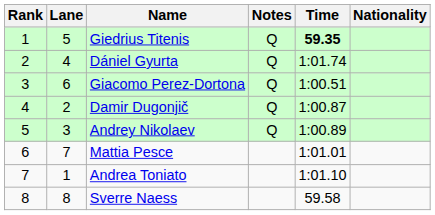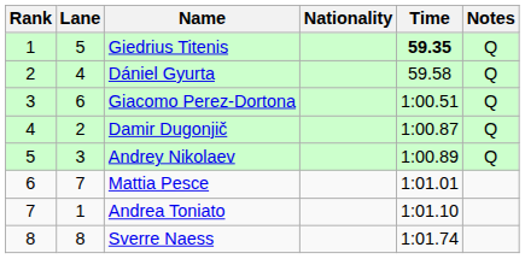 <table class="wikitable sortable" style="text-align:center">
 <tr>
 <th>Rank</th>
 <th>Lane</th>
 <th>Name</th>
+<th>Nationality</th>
+<th>Time</th>
 <th>Notes</th>
-<th>Time</th>
-<th>Nationality</th>
 </tr>
 <tr bgcolor=ccffcc>
 <td>1</td>
 <td>5</td>
 <td align=left><a href='#'>Giedrius Titenis</a></td>
+<td align=left></td>
+<td><strong>59.35</strong></td>
 <td>Q</td>
-<td><strong>59.35</strong></td>
-<td align=left></td>
 </tr>
 <tr bgcolor=ccffcc>
 <td>2</td>
 <td>4</td>
 <td align=left><a href='#'>Dániel Gyurta</a></td>
+<td align=left></td>
+<td>59.58</td>
 <td>Q</td>
-<td>1:01.74</td>
-<td align=left></td>
 </tr>
 <tr bgcolor=ccffcc>
 <td>3</td>
 <td>6</td>
 <td align=left><a href='#'>Giacomo Perez-Dortona</a></td>
+<td align=left></td>
+<td>1:00.51</td>
 <td>Q</td>
-<td>1:00.51</td>
-<td align=left></td>
 </tr>
 <tr bgcolor=ccffcc>
 <td>4</td>
 <td>2</td>
 <td align=left><a href='#'>Damir Dugonjič</a></td>
+<td align=left></td>
+<td>1:00.87</td>
 <td>Q</td>
-<td>1:00.87</td>
-<td align=left></td>
 </tr>
 <tr bgcolor=ccffcc>
 <td>5</td>
 <td>3</td>
 <td align=left><a href='#'>Andrey Nikolaev</a></td>
+<td align=left></td>
+<td>1:00.89</td>
 <td>Q</td>
-<td>1:00.89</td>
-<td align=left></td>
 </tr>
 <tr>
 <td>6</td>
 <td>7</td>
 <td align=left><a href='#'>Mattia Pesce</a></td>
+<td align=left></td>
+<td>1:01.01</td>
 <td></td>
-<td>1:01.01</td>
-<td align=left></td>
 </tr>
 <tr>
 <td>7</td>
 <td>1</td>
 <td align=left><a href='#'>Andrea Toniato</a></td>
+<td align=left></td>
+<td>1:01.10</td>
 <td></td>
-<td>1:01.10</td>
-<td align=left></td>
 </tr>
 <tr>
 <td>8</td>
 <td>8</td>
 <td align=left><a href='#'>Sverre Naess</a></td>
+<td align=left></td>
+<td>1:01.74</td>
 <td></td>
-<td>59.58</td>
-<td align=left></td>
 </tr>
 </table>
